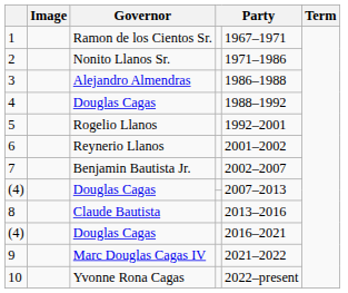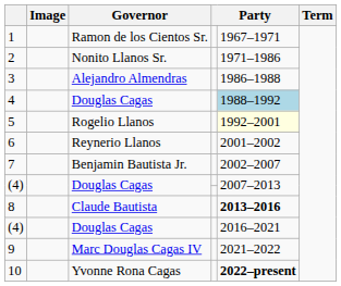 <table class="wikitable sortable">
 <tr>
 <th></th>
 <th>Image</th>
 <th>Governor</th>
 <th colspan="2">Party</th>
 <th>Term</th>
 </tr>
 <tr>
 <td>1</td>
 <td></td>
 <td>Ramon de los Cientos Sr.</td>
 <td></td>
 <td>1967–1971</td>
 </tr>
 <tr>
 <td>2</td>
 <td></td>
 <td>Nonito Llanos Sr.</td>
 <td></td>
 <td>1971–1986</td>
 </tr>
 <tr>
 <td>3</td>
 <td></td>
 <td><a href='#'>Alejandro Almendras</a></td>
 <td></td>
 <td>1986–1988</td>
 </tr>
 <tr>
 <td>4</td>
 <td></td>
 <td><a href='#'>Douglas Cagas</a></td>
 <td></td>
-<td>1988–1992</td>
+<td style="background: lightblue;">1988–1992</td>
 </tr>
 <tr>
 <td>5</td>
 <td></td>
 <td>Rogelio Llanos</td>
 <td></td>
-<td>1992–2001</td>
+<td style="background: lightyellow;">1992–2001</td>
 </tr>
 <tr>
 <td>6</td>
 <td></td>
 <td>Reynerio Llanos</td>
 <td></td>
 <td>2001–2002</td>
 </tr>
 <tr>
 <td>7</td>
 <td></td>
 <td>Benjamin Bautista Jr.</td>
 <td></td>
 <td>2002–2007</td>
 </tr>
 <tr>
 <td rowspan="2">(4)</td>
 <td rowspan="2"></td>
 <td rowspan="2"><a href='#'>Douglas Cagas</a></td>
 <td></td>
 <td rowspan="2">2007–2013</td>
 </tr>
 <tr>
 <td></td>
 </tr>
 <tr>
 <td>8</td>
 <td></td>
 <td><a href='#'>Claude Bautista</a></td>
 <td></td>
-<td>2013–2016</td>
+<td><strong>2013–2016</strong></td>
 </tr>
 <tr>
 <td>(4)</td>
 <td></td>
 <td><a href='#'>Douglas Cagas</a></td>
 <td></td>
 <td>2016–2021</td>
 </tr>
 <tr>
 <td>9</td>
 <td></td>
 <td><a href='#'>Marc Douglas Cagas IV</a></td>
 <td></td>
 <td>2021–2022</td>
 </tr>
 <tr>
 <td>10</td>
 <td></td>
 <td>Yvonne Rona Cagas</td>
 <td></td>
-<td>2022–present</td>
+<td><strong>2022–present</strong></td>
 </tr>
 </table>
